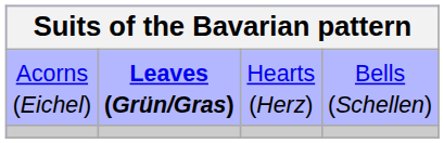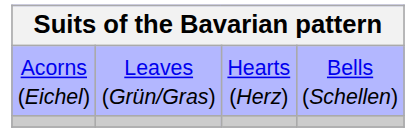 <table class="wikitable" style ="background: #B3B7FF" align = "right">
 <tr>
 <th colspan="4">Suits of the Bavarian pattern</th>
 </tr>
 <tr>
 <td align = "center"><small> <a href='#'>Acorns</a> <br>(<em>Eichel</em>) </small></td>
-<td align = "center"><strong><small><a href='#'>Leaves</a><br>(<em>Grün/Gras</em>)</small></strong></td>
+<td align = "center"><small><a href='#'>Leaves</a><br>(<em>Grün/Gras</em>)</small></td>
 <td align = "center"><small><a href='#'>Hearts</a><br>(<em>Herz</em>)</small></td>
 <td align = "center"><small><a href='#'>Bells</a><br>(<em>Schellen</em>)</small></td>
 </tr>
 <tr style ="background: #cccccc" align = "center">
 <td></td>
 <td></td>
 <td></td>
 <td></td>
 </tr>
 </table>
